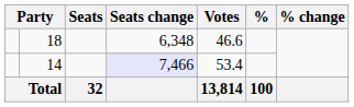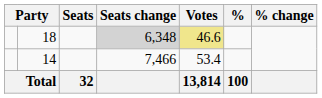 <table class="wikitable sortable">
 <tr>
 <th colspan=2>Party</th>
 <th>Seats</th>
 <th>Seats change</th>
 <th>Votes</th>
 <th>%</th>
 <th>% change</th>
 </tr>
 <tr>
 <td></td>
 <td align=right>18</td>
 <td align=right></td>
-<td align=right>6,348</td>
-<td align=right>46.6</td>
+<td align=right style="background: lightgrey;">6,348</td>
+<td align=right style="background: khaki;">46.6</td>
 <td align=right></td>
 </tr>
 <tr>
 <td></td>
 <td align=right>14</td>
 <td align=right></td>
-<td align=right style="background: lavender;">7,466</td>
+<td align=right>7,466</td>
 <td align=right>53.4</td>
 <td align=right></td>
 </tr>
 <tr class="sortbottom" style="font-weight: bold; text-align: right; background: #f2f2f2;">
 <th colspan="2" style="padding-left: 1.5em; text-align: left;">Total</th>
 <td align=right>32</td>
 <td align=right></td>
 <td align=right>13,814</td>
 <td align=right>100</td>
 <td align=right></td>
 </tr>
 </table>
